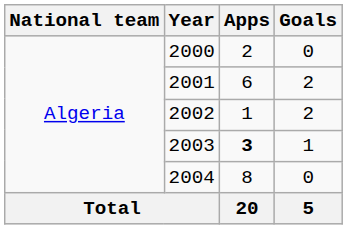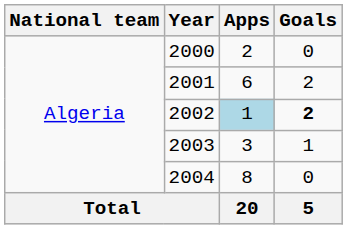 <table class="wikitable" style="text-align:center">
 <tr>
 <th>National team</th>
 <th>Year</th>
 <th>Apps</th>
 <th>Goals</th>
 </tr>
 <tr>
 <td rowspan="5"><a href='#'>Algeria</a></td>
 <td>2000</td>
 <td>2</td>
 <td>0</td>
 </tr>
 <tr>
 <td>2001</td>
 <td>6</td>
 <td>2</td>
 </tr>
 <tr>
 <td>2002</td>
-<td>1</td>
-<td>2</td>
+<td style="background: lightblue;">1</td>
+<td><strong>2</strong></td>
 </tr>
 <tr>
 <td>2003</td>
-<td><strong>3</strong></td>
+<td>3</td>
 <td>1</td>
 </tr>
 <tr>
 <td>2004</td>
 <td>8</td>
 <td>0</td>
 </tr>
 <tr>
 <th colspan="2">Total</th>
 <th>20</th>
 <th>5</th>
 </tr>
 </table>
